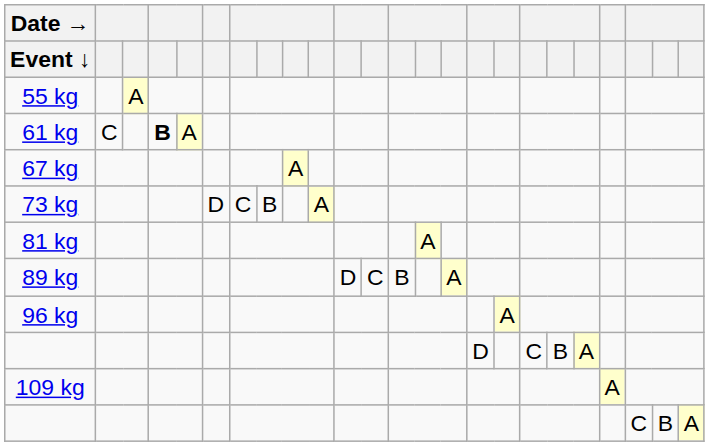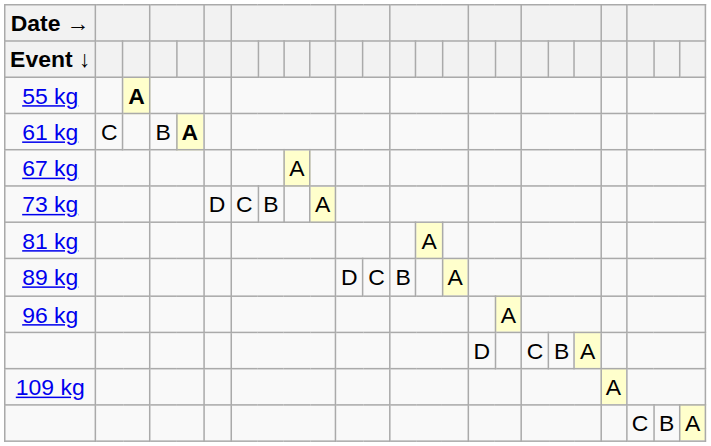 <table class="wikitable" style="text-align:center; font-size:95%">
 <tr>
 <th>Date →</th>
 <th colspan=2></th>
 <th colspan=2></th>
 <th></th>
 <th colspan=4></th>
 <th colspan=2></th>
 <th colspan=3></th>
 <th colspan=2></th>
 <th colspan=3></th>
 <th></th>
 <th colspan=3></th>
 </tr>
 <tr>
 <th>Event ↓</th>
 <th></th>
 <th></th>
 <th></th>
 <th></th>
 <th></th>
 <th></th>
 <th></th>
 <th></th>
 <th></th>
 <th></th>
 <th></th>
 <th></th>
 <th></th>
 <th></th>
 <th></th>
 <th></th>
 <th></th>
 <th></th>
 <th></th>
 <th></th>
 <th></th>
 <th></th>
 <th></th>
 </tr>
 <tr>
 <td><a href='#'>55 kg</a></td>
 <td></td>
-<td style="background-color:#ffffcc;">A</td>
+<td style="background-color:#ffffcc;"><strong>A</strong></td>
 <td colspan=2></td>
 <td></td>
 <td colspan=4></td>
 <td colspan=2></td>
 <td colspan=3></td>
 <td colspan=2></td>
 <td colspan=3></td>
 <td></td>
 <td colspan=3></td>
 </tr>
 <tr>
 <td><a href='#'>61 kg</a></td>
 <td>C</td>
 <td></td>
-<td><strong>B</strong></td>
-<td style="background-color:#ffffcc;">A</td>
+<td>B</td>
+<td style="background-color:#ffffcc;"><strong>A</strong></td>
 <td></td>
 <td colspan=4></td>
 <td colspan=2></td>
 <td colspan=3></td>
 <td colspan=2></td>
 <td colspan=3></td>
 <td></td>
 <td colspan=3></td>
 </tr>
 <tr>
 <td><a href='#'>67 kg</a></td>
 <td colspan=2></td>
 <td colspan=2></td>
 <td></td>
 <td colspan=2></td>
 <td style="background-color:#ffffcc;">A</td>
 <td></td>
 <td colspan=2></td>
 <td colspan=3></td>
 <td colspan=2></td>
 <td colspan=3></td>
 <td></td>
 <td colspan=3></td>
 </tr>
 <tr>
 <td><a href='#'>73 kg</a></td>
 <td colspan=2></td>
 <td colspan=2></td>
 <td>D</td>
 <td>C</td>
 <td>B</td>
 <td></td>
 <td style="background-color:#ffffcc;">A</td>
 <td colspan=2></td>
 <td colspan=3></td>
 <td colspan=2></td>
 <td colspan=3></td>
 <td></td>
 <td colspan=3></td>
 </tr>
 <tr>
 <td><a href='#'>81 kg</a></td>
 <td colspan=2></td>
 <td colspan=2></td>
 <td></td>
 <td colspan=4></td>
 <td colspan=2></td>
 <td></td>
 <td style="background-color:#ffffcc;">A</td>
 <td></td>
 <td colspan=2></td>
 <td colspan=3></td>
 <td></td>
 <td colspan=3></td>
 </tr>
 <tr>
 <td><a href='#'>89 kg</a></td>
 <td colspan=2></td>
 <td colspan=2></td>
 <td></td>
 <td colspan=4></td>
 <td>D</td>
 <td>C</td>
 <td>B</td>
 <td></td>
 <td style="background-color:#ffffcc;">A</td>
 <td colspan=2></td>
 <td colspan=3></td>
 <td></td>
 <td colspan=3></td>
 </tr>
 <tr>
 <td><a href='#'>96 kg</a></td>
 <td colspan=2></td>
 <td colspan=2></td>
 <td></td>
 <td colspan=4></td>
 <td colspan=2></td>
 <td colspan=3></td>
 <td></td>
 <td style="background-color:#ffffcc;">A</td>
 <td colspan=3></td>
 <td></td>
 <td colspan=3></td>
 </tr>
 <tr>
 <td><a href='#'></a></td>
 <td colspan=2></td>
 <td colspan=2></td>
 <td></td>
 <td colspan=4></td>
 <td colspan=2></td>
 <td colspan=3></td>
 <td>D</td>
 <td></td>
 <td>C</td>
 <td>B</td>
 <td style="background-color:#ffffcc;">A</td>
 <td></td>
 <td colspan=3></td>
 </tr>
 <tr>
 <td><a href='#'>109 kg</a></td>
 <td colspan=2></td>
 <td colspan=2></td>
 <td></td>
 <td colspan=4></td>
 <td colspan=2></td>
 <td colspan=3></td>
 <td colspan=2></td>
 <td colspan=3></td>
 <td style="background-color:#ffffcc;">A</td>
 <td colspan=3></td>
 </tr>
 <tr>
 <td><a href='#'></a></td>
 <td colspan=2></td>
 <td colspan=2></td>
 <td></td>
 <td colspan=4></td>
 <td colspan=2></td>
 <td colspan=3></td>
 <td colspan=2></td>
 <td colspan=3></td>
 <td></td>
 <td>C</td>
 <td>B</td>
 <td style="background-color:#ffffcc;">A</td>
 </tr>
 </table>
